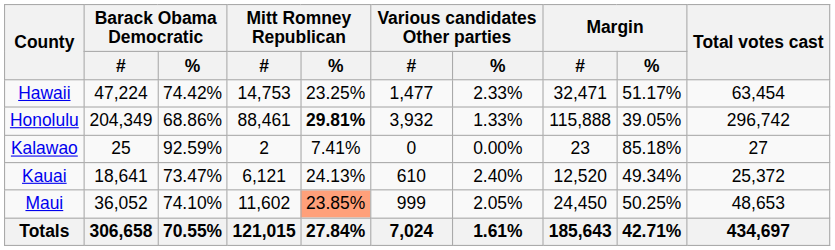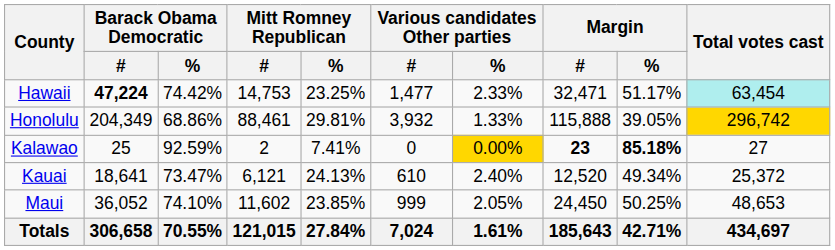 <table width="60%"  class="wikitable sortable" style="text-align:center">
 <tr>
 <th style="text-align:center;" rowspan="2">County</th>
 <th style="text-align:center;" colspan="2">Barack Obama<br>Democratic</th>
 <th style="text-align:center;" colspan="2">Mitt Romney<br>Republican</th>
 <th style="text-align:center;" colspan="2">Various candidates<br>Other parties</th>
 <th style="text-align:center;" colspan="2">Margin</th>
 <th style="text-align:center;" rowspan="2">Total votes cast</th>
 </tr>
 <tr>
 <th style="text-align:center;" data-sort-type="number">#</th>
 <th style="text-align:center;" data-sort-type="number">%</th>
 <th style="text-align:center;" data-sort-type="number">#</th>
 <th style="text-align:center;" data-sort-type="number">%</th>
 <th style="text-align:center;" data-sort-type="number">#</th>
 <th style="text-align:center;" data-sort-type="number">%</th>
 <th style="text-align:center;" data-sort-type="number">#</th>
 <th style="text-align:center;" data-sort-type="number">%</th>
 </tr>
 <tr style="text-align:center;">
 <td><a href='#'>Hawaii</a></td>
-<td>47,224</td>
+<td><strong>47,224</strong></td>
 <td>74.42%</td>
 <td>14,753</td>
 <td>23.25%</td>
 <td>1,477</td>
 <td>2.33%</td>
 <td>32,471</td>
 <td>51.17%</td>
-<td>63,454</td>
+<td style="background: paleturquoise;">63,454</td>
 </tr>
 <tr style="text-align:center;">
 <td><a href='#'>Honolulu</a></td>
 <td>204,349</td>
 <td>68.86%</td>
 <td>88,461</td>
-<td><strong>29.81%</strong></td>
+<td>29.81%</td>
 <td>3,932</td>
 <td>1.33%</td>
 <td>115,888</td>
 <td>39.05%</td>
-<td>296,742</td>
+<td style="background: gold;">296,742</td>
 </tr>
 <tr style="text-align:center;">
 <td><a href='#'>Kalawao</a></td>
 <td>25</td>
 <td>92.59%</td>
 <td>2</td>
 <td>7.41%</td>
 <td>0</td>
-<td>0.00%</td>
-<td>23</td>
-<td>85.18%</td>
+<td style="background: gold;">0.00%</td>
+<td><strong>23</strong></td>
+<td><strong>85.18%</strong></td>
 <td>27</td>
 </tr>
 <tr style="text-align:center;">
 <td><a href='#'>Kauai</a></td>
 <td>18,641</td>
 <td>73.47%</td>
 <td>6,121</td>
 <td>24.13%</td>
 <td>610</td>
 <td>2.40%</td>
 <td>12,520</td>
 <td>49.34%</td>
 <td>25,372</td>
 </tr>
 <tr style="text-align:center;">
 <td><a href='#'>Maui</a></td>
 <td>36,052</td>
 <td>74.10%</td>
 <td>11,602</td>
-<td style="background: lightsalmon;">23.85%</td>
+<td>23.85%</td>
 <td>999</td>
 <td>2.05%</td>
 <td>24,450</td>
 <td>50.25%</td>
 <td>48,653</td>
 </tr>
 <tr>
 <th>Totals</th>
 <th>306,658</th>
 <th>70.55%</th>
 <th>121,015</th>
 <th>27.84%</th>
 <th>7,024</th>
 <th>1.61%</th>
 <th>185,643</th>
 <th>42.71%</th>
 <th>434,697</th>
 </tr>
 </table>
